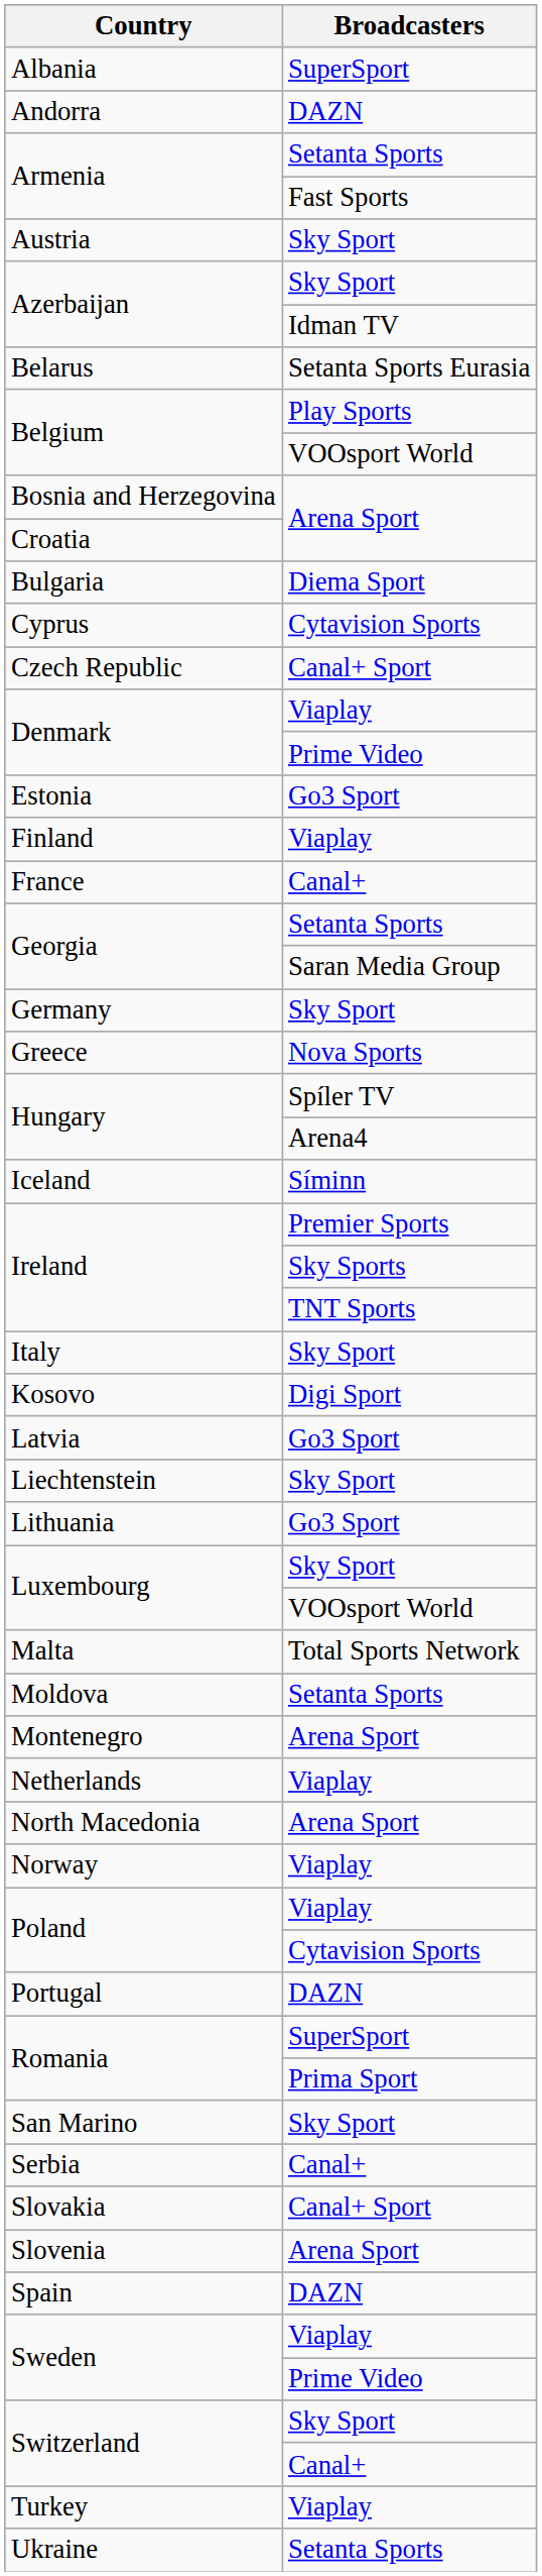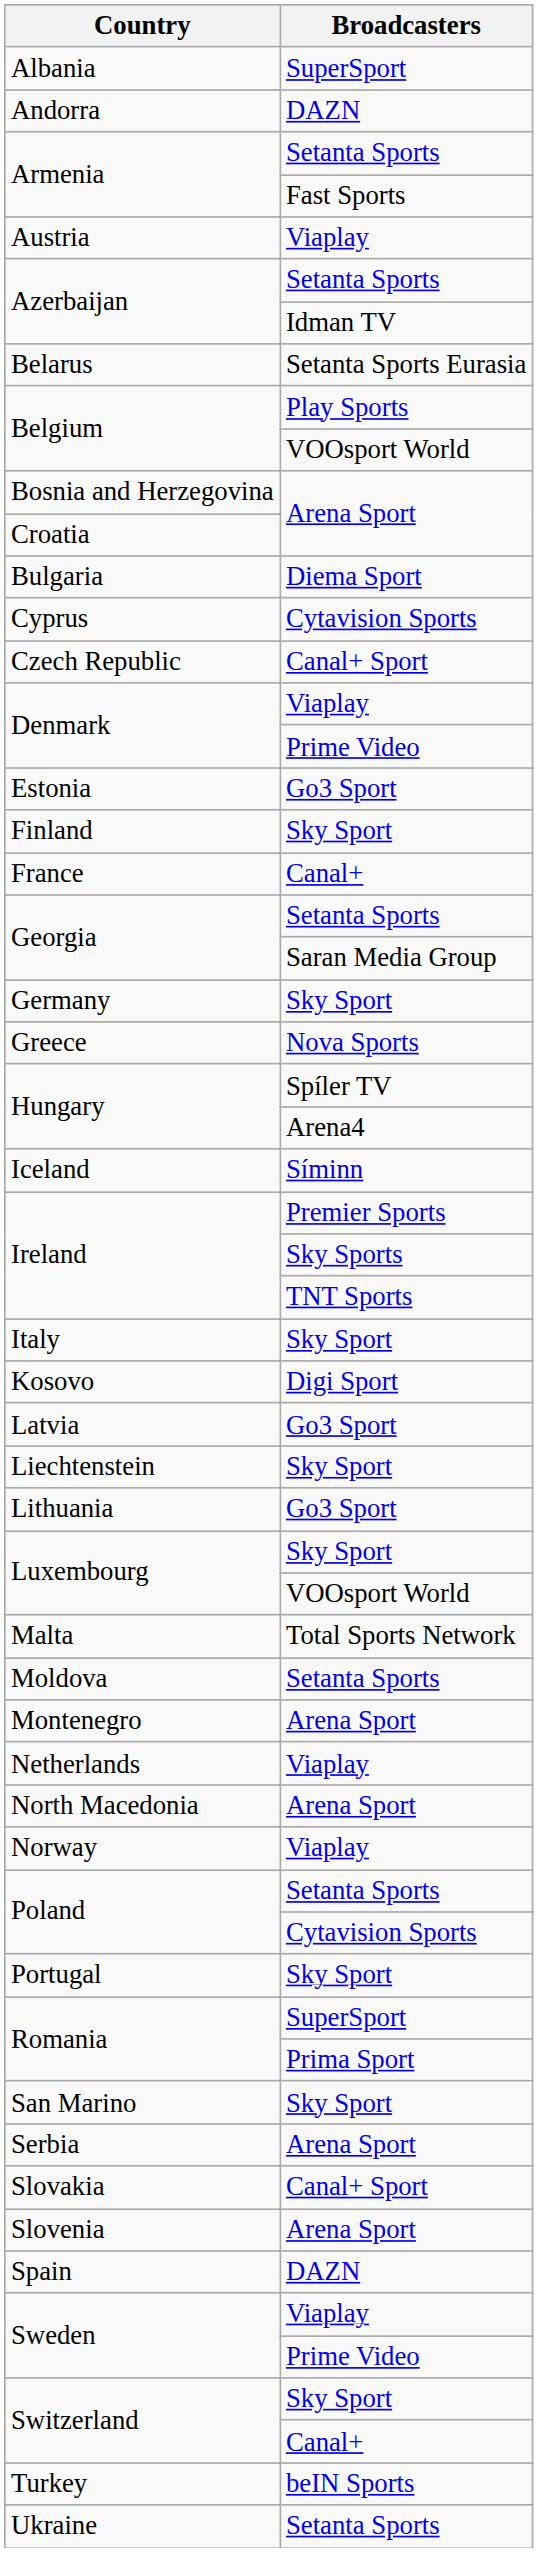 <table class="wikitable">
 <tr>
 <th>Country</th>
 <th>Broadcasters</th>
 </tr>
 <tr>
 <td>Albania</td>
 <td><a href='#'>SuperSport</a></td>
 </tr>
 <tr>
 <td>Andorra</td>
 <td><a href='#'>DAZN</a></td>
 </tr>
 <tr>
 <td rowspan="2">Armenia</td>
 <td><a href='#'>Setanta Sports</a></td>
 </tr>
 <tr>
 <td>Fast Sports</td>
 </tr>
 <tr>
 <td>Austria</td>
-<td><a href='#'>Sky Sport</a></td>
+<td><a href='#'>Viaplay</a></td>
 </tr>
 <tr>
 <td rowspan="2">Azerbaijan</td>
-<td><a href='#'>Sky Sport</a></td>
+<td><a href='#'>Setanta Sports</a></td>
 </tr>
 <tr>
 <td>Idman TV</td>
 </tr>
 <tr>
 <td>Belarus</td>
 <td>Setanta Sports Eurasia </td>
 </tr>
 <tr>
 <td rowspan="2">Belgium</td>
 <td><a href='#'>Play Sports</a></td>
 </tr>
 <tr>
 <td>VOOsport World</td>
 </tr>
 <tr>
 <td>Bosnia and Herzegovina</td>
 <td rowspan="2"><a href='#'>Arena Sport</a></td>
 </tr>
 <tr>
 <td>Croatia</td>
 </tr>
 <tr>
 <td>Bulgaria</td>
 <td><a href='#'>Diema Sport</a></td>
 </tr>
 <tr>
 <td>Cyprus</td>
 <td><a href='#'>Cytavision Sports</a></td>
 </tr>
 <tr>
 <td>Czech Republic</td>
 <td><a href='#'>Canal+ Sport</a></td>
 </tr>
 <tr>
 <td rowspan="2">Denmark</td>
 <td><a href='#'>Viaplay</a></td>
 </tr>
 <tr>
 <td><a href='#'>Prime Video</a></td>
 </tr>
 <tr>
 <td>Estonia</td>
 <td><a href='#'>Go3 Sport</a></td>
 </tr>
 <tr>
 <td>Finland</td>
-<td><a href='#'>Viaplay</a></td>
+<td><a href='#'>Sky Sport</a></td>
 </tr>
 <tr>
 <td>France</td>
 <td><a href='#'>Canal+</a></td>
 </tr>
 <tr>
 <td rowspan="2">Georgia</td>
 <td><a href='#'>Setanta Sports</a></td>
 </tr>
 <tr>
 <td>Saran Media Group</td>
 </tr>
 <tr>
 <td>Germany</td>
 <td><a href='#'>Sky Sport</a></td>
 </tr>
 <tr>
 <td>Greece</td>
 <td><a href='#'>Nova Sports</a></td>
 </tr>
 <tr>
 <td rowspan="2">Hungary</td>
 <td>Spíler TV</td>
 </tr>
 <tr>
 <td>Arena4</td>
 </tr>
 <tr>
 <td>Iceland</td>
 <td><a href='#'>Síminn</a></td>
 </tr>
 <tr>
 <td rowspan="3">Ireland</td>
 <td><a href='#'>Premier Sports</a></td>
 </tr>
 <tr>
 <td><a href='#'>Sky Sports</a></td>
 </tr>
 <tr>
 <td><a href='#'>TNT Sports</a></td>
 </tr>
 <tr>
 <td>Italy</td>
 <td><a href='#'>Sky Sport</a></td>
 </tr>
 <tr>
 <td>Kosovo</td>
 <td><a href='#'>Digi Sport</a></td>
 </tr>
 <tr>
 <td>Latvia</td>
 <td><a href='#'>Go3 Sport</a></td>
 </tr>
 <tr>
 <td>Liechtenstein</td>
 <td><a href='#'>Sky Sport</a></td>
 </tr>
 <tr>
 <td>Lithuania</td>
 <td><a href='#'>Go3 Sport</a></td>
 </tr>
 <tr>
 <td rowspan="2">Luxembourg</td>
 <td><a href='#'>Sky Sport</a></td>
 </tr>
 <tr>
 <td>VOOsport World</td>
 </tr>
 <tr>
 <td>Malta</td>
 <td>Total Sports Network</td>
 </tr>
 <tr>
 <td>Moldova</td>
 <td><a href='#'>Setanta Sports</a></td>
 </tr>
 <tr>
 <td>Montenegro</td>
 <td><a href='#'>Arena Sport</a></td>
 </tr>
 <tr>
 <td>Netherlands</td>
 <td><a href='#'>Viaplay</a></td>
 </tr>
 <tr>
 <td>North Macedonia</td>
 <td><a href='#'>Arena Sport</a></td>
 </tr>
 <tr>
 <td>Norway</td>
 <td><a href='#'>Viaplay</a></td>
 </tr>
 <tr>
 <td rowspan="2">Poland</td>
-<td><a href='#'>Viaplay</a></td>
+<td><a href='#'>Setanta Sports</a></td>
 </tr>
 <tr>
 <td><a href='#'>Cytavision Sports</a></td>
 </tr>
 <tr>
 <td>Portugal</td>
-<td><a href='#'>DAZN</a></td>
+<td><a href='#'>Sky Sport</a></td>
 </tr>
 <tr>
 <td rowspan="2">Romania</td>
 <td><a href='#'>SuperSport</a></td>
 </tr>
 <tr>
 <td><a href='#'>Prima Sport</a></td>
 </tr>
 <tr>
 <td>San Marino</td>
 <td><a href='#'>Sky Sport</a></td>
 </tr>
 <tr>
 <td>Serbia</td>
-<td><a href='#'>Canal+</a></td>
+<td><a href='#'>Arena Sport</a></td>
 </tr>
 <tr>
 <td>Slovakia</td>
 <td><a href='#'>Canal+ Sport</a></td>
 </tr>
 <tr>
 <td>Slovenia</td>
 <td><a href='#'>Arena Sport</a></td>
 </tr>
 <tr>
 <td>Spain</td>
 <td><a href='#'>DAZN</a></td>
 </tr>
 <tr>
 <td rowspan="2">Sweden</td>
 <td><a href='#'>Viaplay</a></td>
 </tr>
 <tr>
 <td><a href='#'>Prime Video</a></td>
 </tr>
 <tr>
 <td rowspan="2">Switzerland</td>
 <td><a href='#'>Sky Sport</a></td>
 </tr>
 <tr>
 <td><a href='#'>Canal+</a></td>
 </tr>
 <tr>
 <td>Turkey</td>
-<td><a href='#'>Viaplay</a></td>
+<td><a href='#'>beIN Sports</a></td>
 </tr>
 <tr>
 <td>Ukraine</td>
 <td><a href='#'>Setanta Sports</a></td>
 </tr>
 </table>
